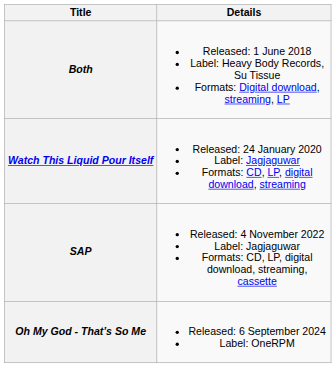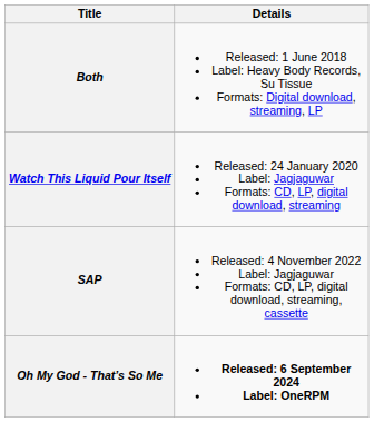 <table class="wikitable plainrowheaders" style="text-align:center;">
 <tr>
 <th scope="col" style="width:14em;">Title</th>
 <th scope="col" style="width:16em;">Details</th>
 </tr>
 <tr>
 <th scope="row"><em>Both</em></th>
 <td><br><ul><li>Released: 1 June 2018</li><li>Label: Heavy Body Records, Su Tissue</li><li>Formats: <a href='#'>Digital download</a>, <a href='#'>streaming</a>, <a href='#'>LP</a></li></ul></td>
 </tr>
 <tr>
 <th scope="row"><em><a href='#'>Watch This Liquid Pour Itself</a></em></th>
 <td><br><ul><li>Released: 24 January 2020</li><li>Label: <a href='#'>Jagjaguwar</a></li><li>Formats: <a href='#'>CD</a>, <a href='#'>LP</a>, <a href='#'>digital download</a>, <a href='#'>streaming</a></li></ul></td>
 </tr>
 <tr>
 <th scope="row"><em>SAP</em></th>
 <td><br><ul><li>Released: 4 November 2022</li><li>Label: Jagjaguwar</li><li>Formats: CD, LP, digital download, streaming, <a href='#'>cassette</a></li></ul></td>
 </tr>
 <tr>
 <th scope="row"><em>Oh My God - That’s So Me</em></th>
-<td><br><ul><li>Released: 6 September 2024</li><li>Label: OneRPM</li></ul></td>
+<td><strong><br><ul><li>Released: 6 September 2024</li><li>Label: OneRPM</li></ul></strong></td>
 </tr>
 </table>
